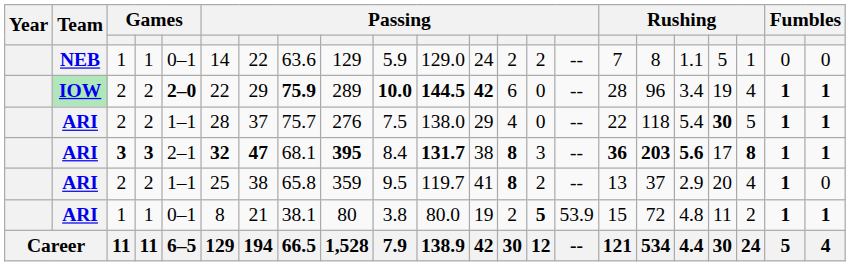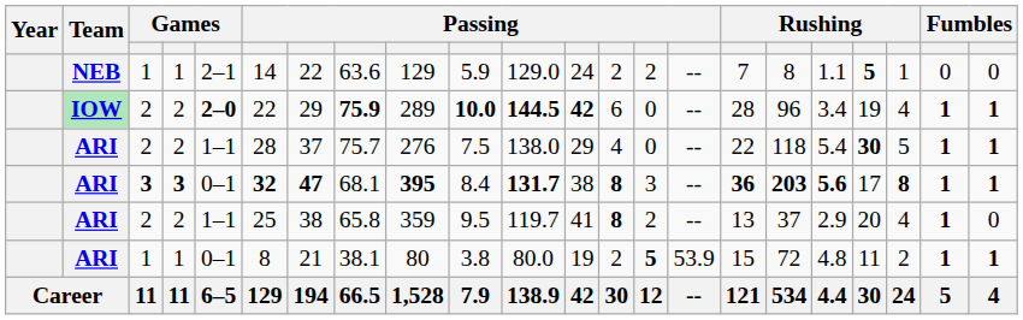 <table class="wikitable" style="text-align:center;">
 <tr>
 <th rowspan="2">Year</th>
 <th rowspan="2">Team</th>
 <th colspan="3">Games</th>
 <th colspan="10">Passing</th>
 <th colspan="5">Rushing</th>
 <th colspan="2">Fumbles</th>
 </tr>
 <tr>
 <th></th>
 <th></th>
 <th></th>
 <th></th>
 <th></th>
 <th></th>
 <th></th>
 <th></th>
 <th></th>
 <th></th>
 <th></th>
 <th></th>
 <th></th>
 <th></th>
 <th></th>
 <th></th>
 <th></th>
 <th></th>
 <th></th>
 <th></th>
 </tr>
 <tr>
 <th></th>
 <th><a href='#'>NEB</a></th>
 <td>1</td>
 <td>1</td>
-<td>0–1</td>
+<td>2–1</td>
 <td>14</td>
 <td>22</td>
 <td>63.6</td>
 <td>129</td>
 <td>5.9</td>
 <td>129.0</td>
 <td>24</td>
 <td>2</td>
 <td>2</td>
 <td>--</td>
 <td>7</td>
 <td>8</td>
 <td>1.1</td>
-<td>5</td>
+<td><strong>5</strong></td>
 <td>1</td>
 <td>0</td>
 <td>0</td>
 </tr>
 <tr>
 <th></th>
 <th style="background:#afe6ba;"><a href='#'>IOW</a></th>
 <td>2</td>
 <td>2</td>
 <td><strong>2–0</strong></td>
 <td>22</td>
 <td>29</td>
 <td><strong>75.9</strong></td>
 <td>289</td>
 <td><strong>10.0</strong></td>
 <td><strong>144.5</strong></td>
 <td><strong>42</strong></td>
 <td>6</td>
 <td>0</td>
 <td>--</td>
 <td>28</td>
 <td>96</td>
 <td>3.4</td>
 <td>19</td>
 <td>4</td>
 <td><strong>1</strong></td>
 <td><strong>1</strong></td>
 </tr>
 <tr>
 <th></th>
 <th><a href='#'>ARI</a></th>
 <td>2</td>
 <td>2</td>
 <td>1–1</td>
 <td>28</td>
 <td>37</td>
 <td>75.7</td>
 <td>276</td>
 <td>7.5</td>
 <td>138.0</td>
 <td>29</td>
 <td>4</td>
 <td>0</td>
 <td>--</td>
 <td>22</td>
 <td>118</td>
 <td>5.4</td>
 <td><strong>30</strong></td>
 <td>5</td>
 <td><strong>1</strong></td>
 <td><strong>1</strong></td>
 </tr>
 <tr>
 <th></th>
 <th><a href='#'>ARI</a></th>
 <td><strong>3</strong></td>
 <td><strong>3</strong></td>
-<td>2–1</td>
+<td>0–1</td>
 <td><strong>32</strong></td>
 <td><strong>47</strong></td>
 <td>68.1</td>
 <td><strong>395</strong></td>
 <td>8.4</td>
 <td><strong>131.7</strong></td>
 <td>38</td>
 <td><strong>8</strong></td>
 <td>3</td>
 <td>--</td>
 <td><strong>36</strong></td>
 <td><strong>203</strong></td>
 <td><strong>5.6</strong></td>
 <td>17</td>
 <td><strong>8</strong></td>
 <td><strong>1</strong></td>
 <td><strong>1</strong></td>
 </tr>
 <tr>
 <th></th>
 <th><a href='#'>ARI</a></th>
 <td>2</td>
 <td>2</td>
 <td>1–1</td>
 <td>25</td>
 <td>38</td>
 <td>65.8</td>
 <td>359</td>
 <td>9.5</td>
 <td>119.7</td>
 <td>41</td>
 <td><strong>8</strong></td>
 <td>2</td>
 <td>--</td>
 <td>13</td>
 <td>37</td>
 <td>2.9</td>
 <td>20</td>
 <td>4</td>
 <td><strong>1</strong></td>
 <td>0</td>
 </tr>
 <tr>
 <th></th>
 <th><a href='#'>ARI</a></th>
 <td>1</td>
 <td>1</td>
 <td>0–1</td>
 <td>8</td>
 <td>21</td>
 <td>38.1</td>
 <td>80</td>
 <td>3.8</td>
 <td>80.0</td>
 <td>19</td>
 <td>2</td>
 <td><strong>5</strong></td>
 <td>53.9</td>
 <td>15</td>
 <td>72</td>
 <td>4.8</td>
 <td>11</td>
 <td>2</td>
 <td><strong>1</strong></td>
 <td><strong>1</strong></td>
 </tr>
 <tr>
 <th colspan="2">Career</th>
 <th>11</th>
 <th>11</th>
 <th>6–5</th>
 <th>129</th>
 <th>194</th>
 <th>66.5</th>
 <th>1,528</th>
 <th>7.9</th>
 <th>138.9</th>
 <th>42</th>
 <th>30</th>
 <th>12</th>
 <th>--</th>
 <th>121</th>
 <th>534</th>
 <th>4.4</th>
 <th>30</th>
 <th>24</th>
 <th>5</th>
 <th>4</th>
 </tr>
 </table>
